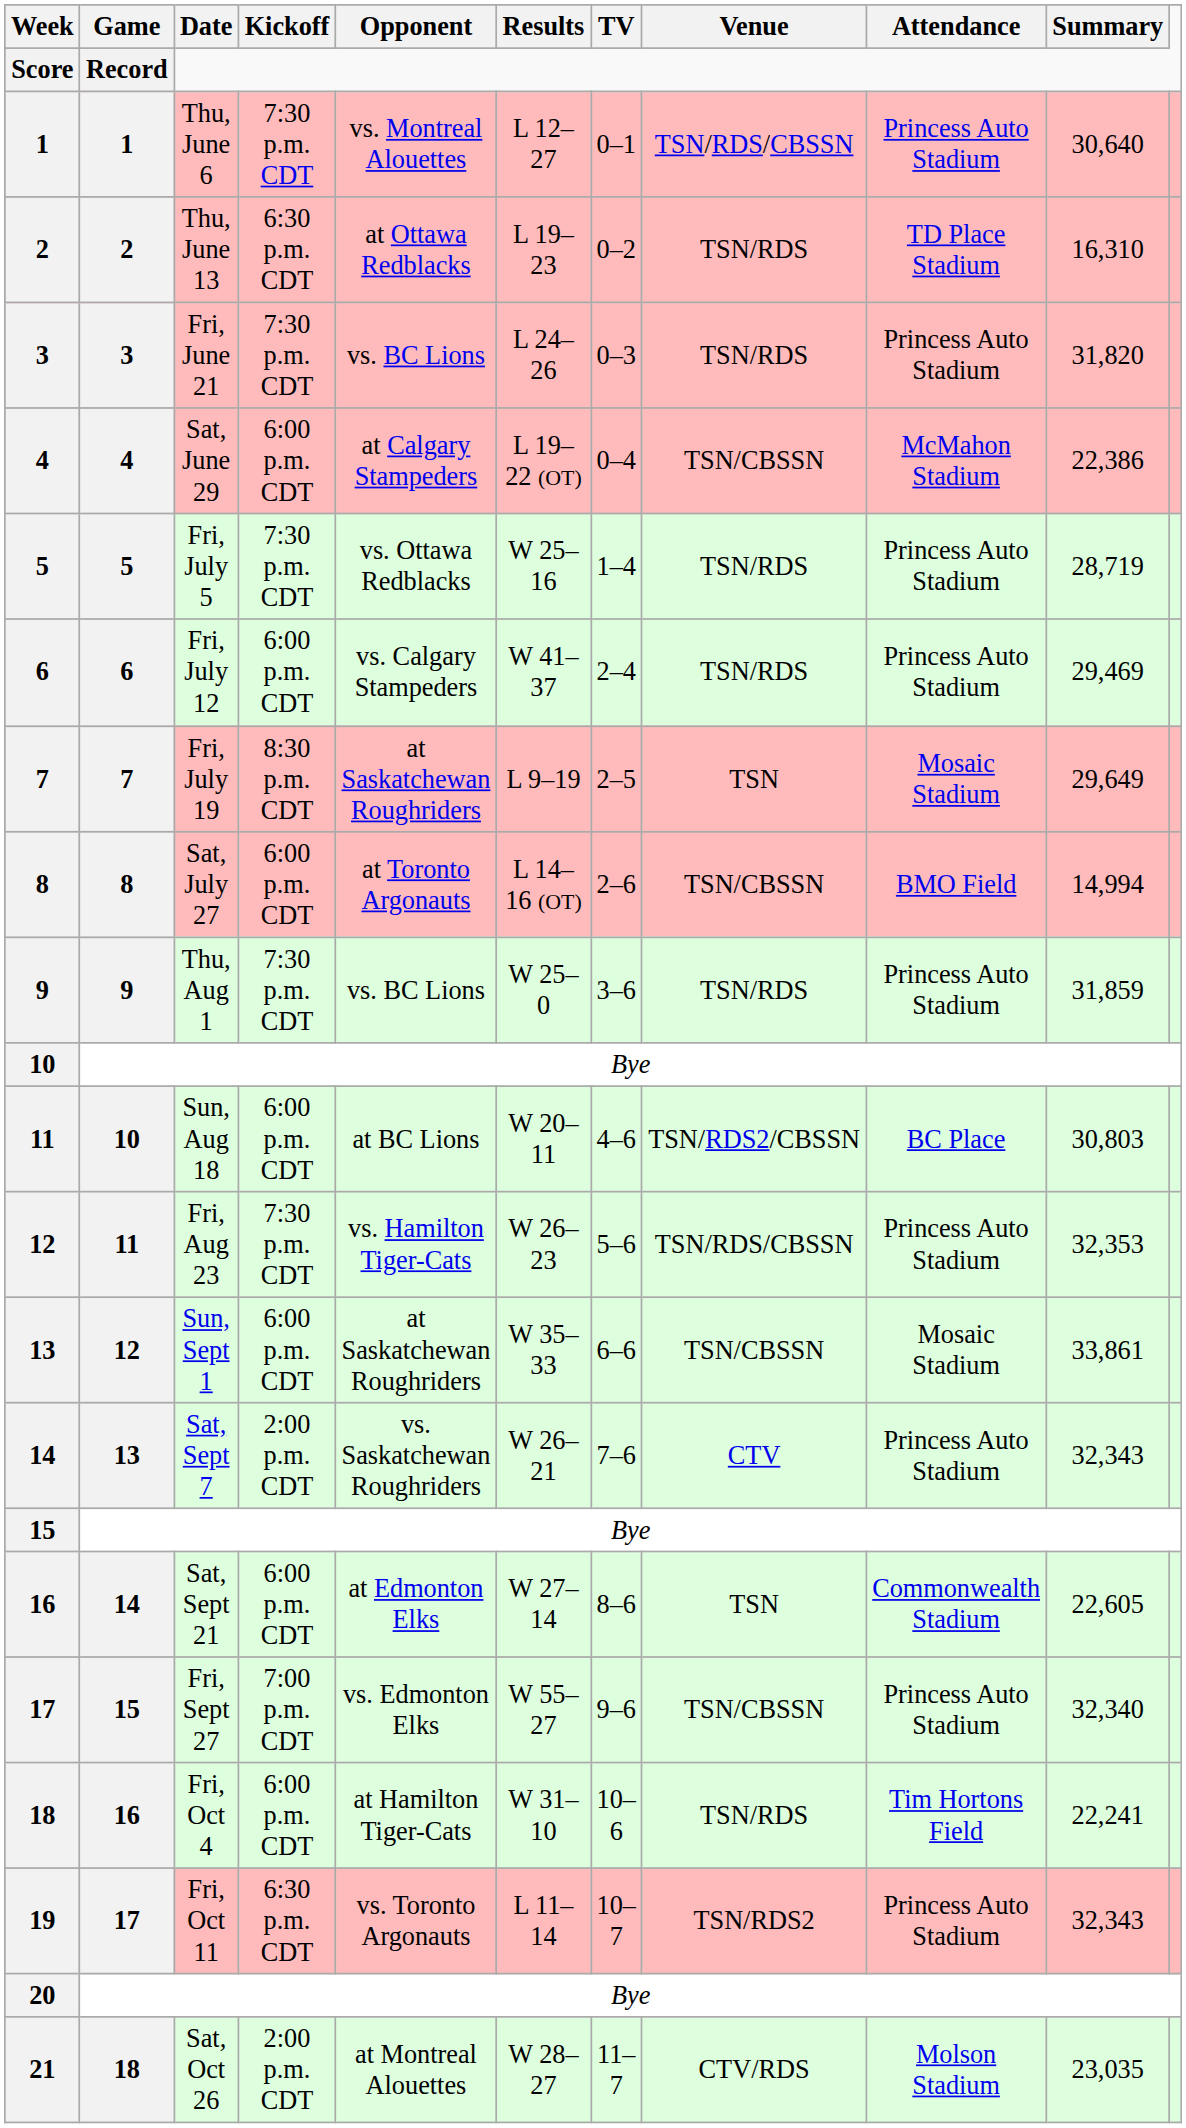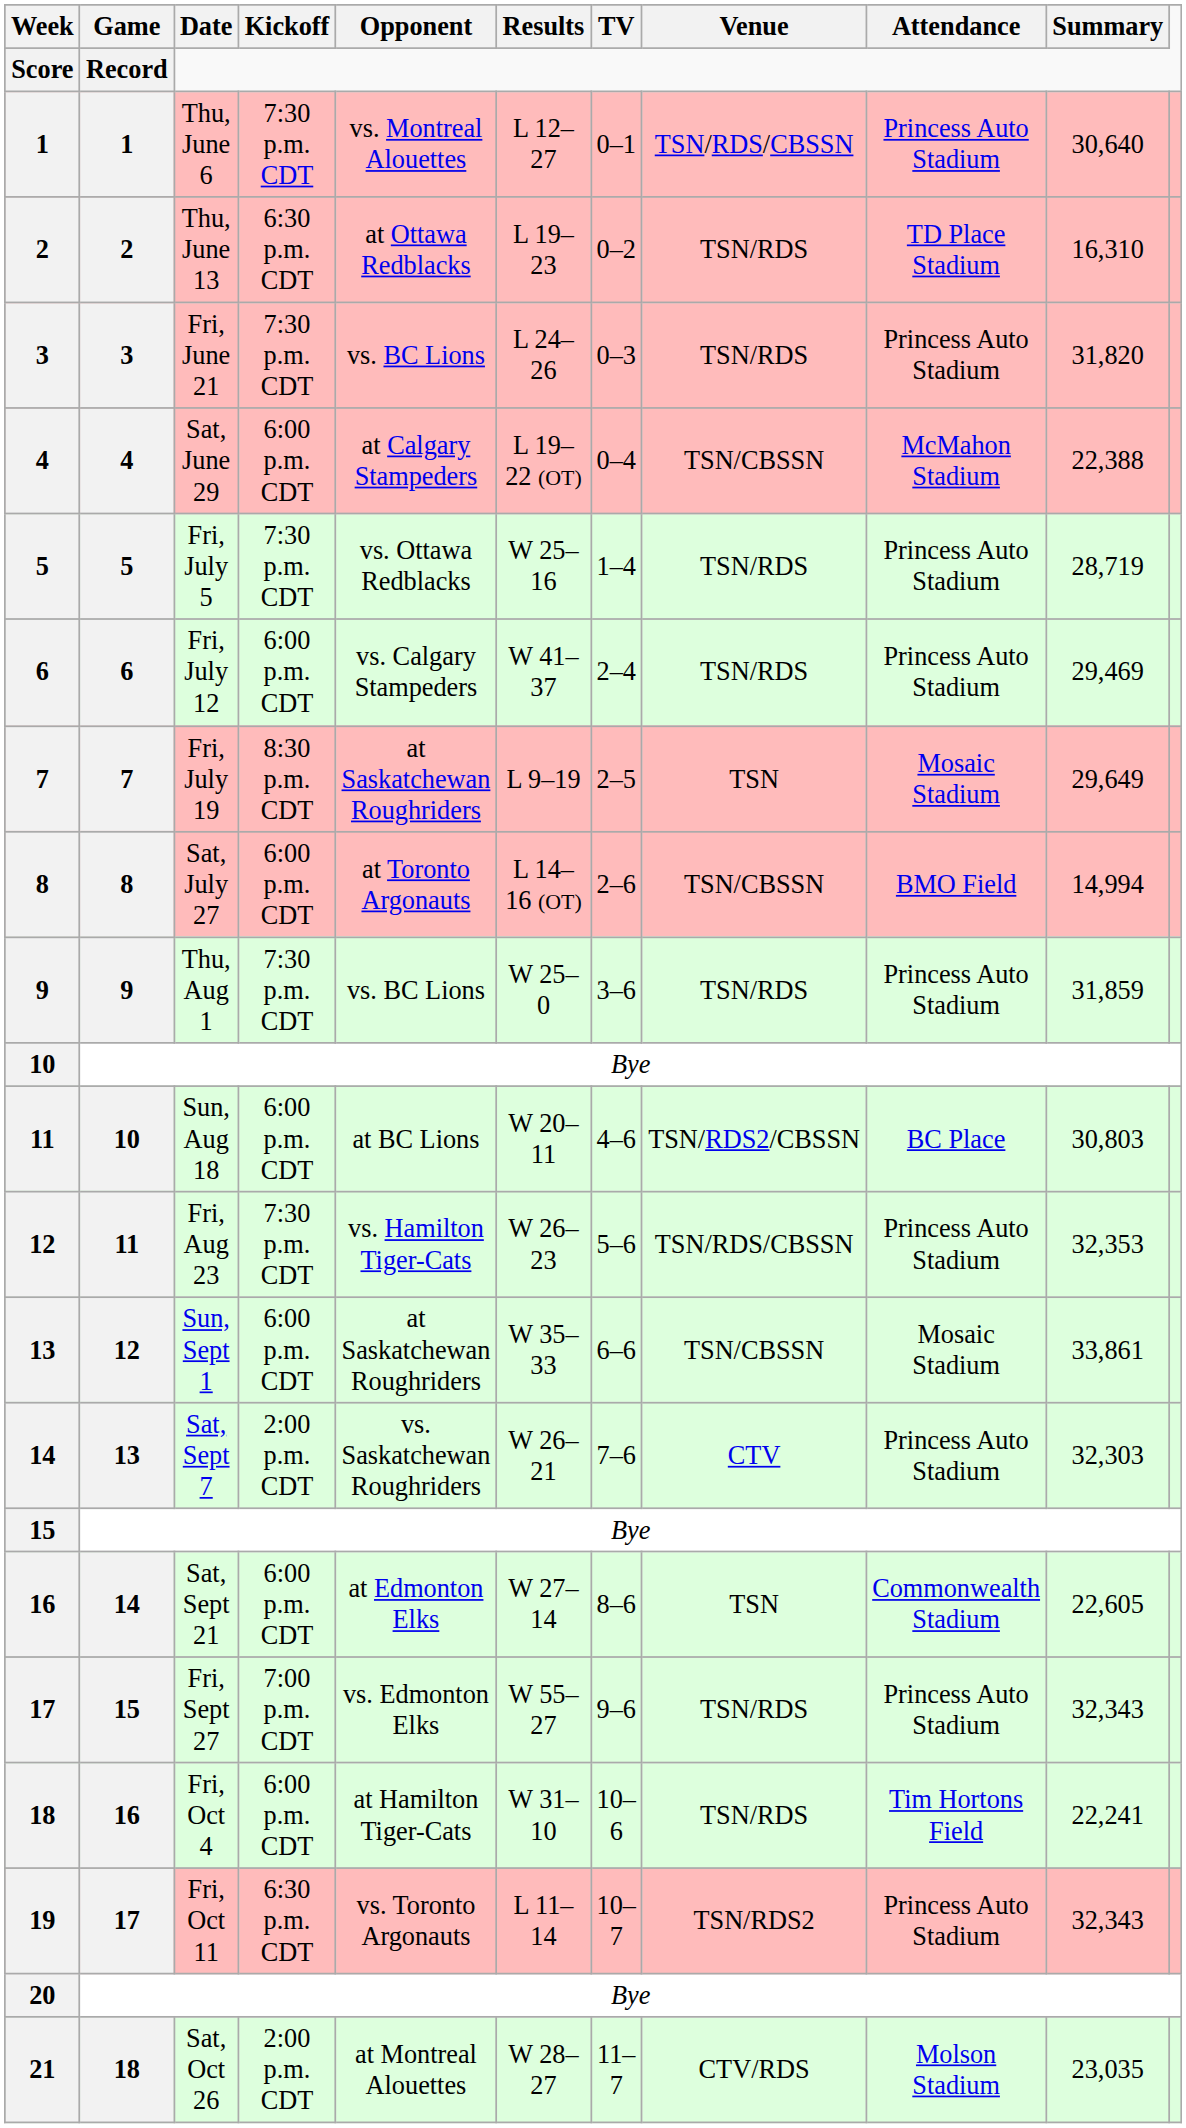 <table class="wikitable" style="font-size: 95%;">
 <tr>
 <th scope="col">Week</th>
 <th scope="col">Game</th>
 <th scope="col">Date</th>
 <th scope="col">Kickoff</th>
 <th scope="col">Opponent</th>
 <th scope="col">Results</th>
 <th scope="col">TV</th>
 <th scope="col">Venue</th>
 <th scope="col">Attendance</th>
 <th scope="col">Summary</th>
 </tr>
 <tr>
 <th scope="col">Score</th>
 <th scope="col">Record</th>
 </tr>
 <tr align="center"= bgcolor="ffbbbb">
 <th align="center"><strong>1</strong></th>
 <th align="center"><strong>1</strong></th>
 <td align="center">Thu, June 6</td>
 <td align="center">7:30 p.m. <a href='#'>CDT</a></td>
 <td align="center">vs. <a href='#'>Montreal Alouettes</a></td>
 <td align="center">L 12–27</td>
 <td align="center">0–1</td>
 <td align="center"><a href='#'>TSN</a>/<a href='#'>RDS</a>/<a href='#'>CBSSN</a></td>
 <td align="center"><a href='#'>Princess Auto Stadium</a></td>
 <td align="center">30,640</td>
 <td align="center"></td>
 </tr>
 <tr align="center"= bgcolor="ffbbbb">
 <th align="center"><strong>2</strong></th>
 <th align="center"><strong>2</strong></th>
 <td align="center">Thu, June 13</td>
 <td align="center">6:30 p.m. CDT</td>
 <td align="center">at <a href='#'>Ottawa Redblacks</a></td>
 <td align="center">L 19–23</td>
 <td align="center">0–2</td>
 <td align="center">TSN/RDS</td>
 <td align="center"><a href='#'>TD Place Stadium</a></td>
 <td align="center">16,310</td>
 <td align="center"></td>
 </tr>
 <tr align="center"= bgcolor="ffbbbb">
 <th align="center"><strong>3</strong></th>
 <th align="center"><strong>3</strong></th>
 <td align="center">Fri, June 21</td>
 <td align="center">7:30 p.m. CDT</td>
 <td align="center">vs. <a href='#'>BC Lions</a></td>
 <td align="center">L 24–26</td>
 <td align="center">0–3</td>
 <td align="center">TSN/RDS</td>
 <td align="center">Princess Auto Stadium</td>
 <td align="center">31,820</td>
 <td align="center"></td>
 </tr>
 <tr align="center"= bgcolor="ffbbbb">
 <th align="center"><strong>4</strong></th>
 <th align="center"><strong>4</strong></th>
 <td align="center">Sat, June 29</td>
 <td align="center">6:00 p.m. CDT</td>
 <td align="center">at <a href='#'>Calgary Stampeders</a></td>
 <td align="center">L 19–22 <small>(OT)</small></td>
 <td align="center">0–4</td>
 <td align="center">TSN/CBSSN</td>
 <td align="center"><a href='#'>McMahon Stadium</a></td>
-<td align="center">22,386</td>
+<td align="center">22,388</td>
 <td align="center"></td>
 </tr>
 <tr align="center"= bgcolor="ddffdd">
 <th align="center"><strong>5</strong></th>
 <th align="center"><strong>5</strong></th>
 <td align="center">Fri, July 5</td>
 <td align="center">7:30 p.m. CDT</td>
 <td align="center">vs. Ottawa Redblacks</td>
 <td align="center">W 25–16</td>
 <td align="center">1–4</td>
 <td align="center">TSN/RDS</td>
 <td align="center">Princess Auto Stadium</td>
 <td align="center">28,719</td>
 <td align="center"></td>
 </tr>
 <tr align="center"= bgcolor="ddffdd">
 <th align="center"><strong>6</strong></th>
 <th align="center"><strong>6</strong></th>
 <td align="center">Fri, July 12</td>
 <td align="center">6:00 p.m. CDT</td>
 <td align="center">vs. Calgary Stampeders</td>
 <td align="center">W 41–37</td>
 <td align="center">2–4</td>
 <td align="center">TSN/RDS</td>
 <td align="center">Princess Auto Stadium</td>
 <td align="center">29,469</td>
 <td align="center"></td>
 </tr>
 <tr align="center"= bgcolor="ffbbbb">
 <th align="center"><strong>7</strong></th>
 <th align="center"><strong>7</strong></th>
 <td align="center">Fri, July 19</td>
 <td align="center">8:30 p.m. CDT</td>
 <td align="center">at <a href='#'>Saskatchewan Roughriders</a></td>
 <td align="center">L 9–19</td>
 <td align="center">2–5</td>
 <td align="center">TSN</td>
 <td align="center"><a href='#'>Mosaic Stadium</a></td>
 <td align="center">29,649</td>
 <td align="center"></td>
 </tr>
 <tr align="center"= bgcolor="ffbbbb">
 <th align="center"><strong>8</strong></th>
 <th align="center"><strong>8</strong></th>
 <td align="center">Sat, July 27</td>
 <td align="center">6:00 p.m. CDT</td>
 <td align="center">at <a href='#'>Toronto Argonauts</a></td>
 <td align="center">L 14–16 <small>(OT)</small></td>
 <td align="center">2–6</td>
 <td align="center">TSN/CBSSN</td>
 <td align="center"><a href='#'>BMO Field</a></td>
 <td align="center">14,994</td>
 <td align="center"></td>
 </tr>
 <tr align="center"= bgcolor="ddffdd">
 <th align="center"><strong>9</strong></th>
 <th align="center"><strong>9</strong></th>
 <td align="center">Thu, Aug 1</td>
 <td align="center">7:30 p.m. CDT</td>
 <td align="center">vs. BC Lions</td>
 <td align="center">W 25–0</td>
 <td align="center">3–6</td>
 <td align="center">TSN/RDS</td>
 <td align="center">Princess Auto Stadium</td>
 <td align="center">31,859</td>
 <td align="center"></td>
 </tr>
 <tr align="center"= bgcolor="ffffff">
 <th align="center"><strong>10</strong></th>
 <td colspan=10 align="center" valign="middle"><em>Bye</em></td>
 </tr>
 <tr align="center"= bgcolor="ddffdd">
 <th align="center"><strong>11</strong></th>
 <th align="center"><strong>10</strong></th>
 <td align="center">Sun, Aug 18</td>
 <td align="center">6:00 p.m. CDT</td>
 <td align="center">at BC Lions</td>
 <td align="center">W 20–11</td>
 <td align="center">4–6</td>
 <td align="center">TSN/<a href='#'>RDS2</a>/CBSSN</td>
 <td align="center"><a href='#'>BC Place</a></td>
 <td align="center">30,803</td>
 <td align="center"></td>
 </tr>
 <tr align="center"= bgcolor="ddffdd">
 <th align="center"><strong>12</strong></th>
 <th align="center"><strong>11</strong></th>
 <td align="center">Fri, Aug 23</td>
 <td align="center">7:30 p.m. CDT</td>
 <td align="center">vs. <a href='#'>Hamilton Tiger-Cats</a></td>
 <td align="center">W 26–23</td>
 <td align="center">5–6</td>
 <td align="center">TSN/RDS/CBSSN</td>
 <td align="center">Princess Auto Stadium</td>
 <td align="center">32,353</td>
 <td align="center"></td>
 </tr>
 <tr align="center"= bgcolor="ddffdd">
 <th align="center"><strong>13</strong></th>
 <th align="center"><strong>12</strong></th>
 <td align="center"><a href='#'>Sun, Sept 1</a></td>
 <td align="center">6:00 p.m. CDT</td>
 <td align="center">at Saskatchewan Roughriders</td>
 <td align="center">W 35–33</td>
 <td align="center">6–6</td>
 <td align="center">TSN/CBSSN</td>
 <td align="center">Mosaic Stadium</td>
 <td align="center">33,861</td>
 <td align="center"></td>
 </tr>
 <tr align="center"= bgcolor="ddffdd">
 <th align="center"><strong>14</strong></th>
 <th align="center"><strong>13</strong></th>
 <td align="center"><a href='#'>Sat, Sept 7</a></td>
 <td align="center">2:00 p.m. CDT</td>
 <td align="center">vs. Saskatchewan Roughriders</td>
 <td align="center">W 26–21</td>
 <td align="center">7–6</td>
 <td align="center"><a href='#'>CTV</a></td>
 <td align="center">Princess Auto Stadium</td>
-<td align="center">32,343</td>
+<td align="center">32,303</td>
 <td align="center"></td>
 </tr>
 <tr align="center"= bgcolor="ffffff">
 <th align="center"><strong>15</strong></th>
 <td colspan=10 align="center" valign="middle"><em>Bye</em></td>
 </tr>
 <tr align="center"= bgcolor="ddffdd">
 <th align="center"><strong>16</strong></th>
 <th align="center"><strong>14</strong></th>
 <td align="center">Sat, Sept 21</td>
 <td align="center">6:00 p.m. CDT</td>
 <td align="center">at <a href='#'>Edmonton Elks</a></td>
 <td align="center">W 27–14</td>
 <td align="center">8–6</td>
 <td align="center">TSN</td>
 <td align="center"><a href='#'>Commonwealth Stadium</a></td>
 <td align="center">22,605</td>
 <td align="center"></td>
 </tr>
 <tr align="center"= bgcolor="ddffdd">
 <th align="center"><strong>17</strong></th>
 <th align="center"><strong>15</strong></th>
 <td align="center">Fri, Sept 27</td>
 <td align="center">7:00 p.m. CDT</td>
 <td align="center">vs. Edmonton Elks</td>
 <td align="center">W 55–27</td>
 <td align="center">9–6</td>
-<td align="center">TSN/CBSSN</td>
+<td align="center">TSN/RDS</td>
 <td align="center">Princess Auto Stadium</td>
-<td align="center">32,340</td>
+<td align="center">32,343</td>
 <td align="center"></td>
 </tr>
 <tr align="center"= bgcolor="ddffdd">
 <th align="center"><strong>18</strong></th>
 <th align="center"><strong>16</strong></th>
 <td align="center">Fri, Oct 4</td>
 <td align="center">6:00 p.m. CDT</td>
 <td align="center">at Hamilton Tiger-Cats</td>
 <td align="center">W 31–10</td>
 <td align="center">10–6</td>
 <td align="center">TSN/RDS</td>
 <td align="center"><a href='#'>Tim Hortons Field</a></td>
 <td align="center">22,241</td>
 <td align="center"></td>
 </tr>
 <tr align="center"= bgcolor="ffbbbb">
 <th align="center"><strong>19</strong></th>
 <th align="center"><strong>17</strong></th>
 <td align="center">Fri, Oct 11</td>
 <td align="center">6:30 p.m. CDT</td>
 <td align="center">vs. Toronto Argonauts</td>
 <td align="center">L 11–14</td>
 <td align="center">10–7</td>
 <td align="center">TSN/RDS2</td>
 <td align="center">Princess Auto Stadium</td>
 <td align="center">32,343</td>
 <td align="center"></td>
 </tr>
 <tr align="center"= bgcolor="ffffff">
 <th align="center"><strong>20</strong></th>
 <td colspan=10 align="center" valign="middle"><em>Bye</em></td>
 </tr>
 <tr align="center"= bgcolor="ddffdd">
 <th align="center"><strong>21</strong></th>
 <th align="center"><strong>18</strong></th>
 <td align="center">Sat, Oct 26</td>
 <td align="center">2:00 p.m. CDT</td>
 <td align="center">at Montreal Alouettes</td>
 <td align="center">W 28–27</td>
 <td align="center">11–7</td>
 <td align="center">CTV/RDS</td>
 <td align="center"><a href='#'>Molson Stadium</a></td>
 <td align="center">23,035</td>
 <td align="center"></td>
 </tr>
 </table>
